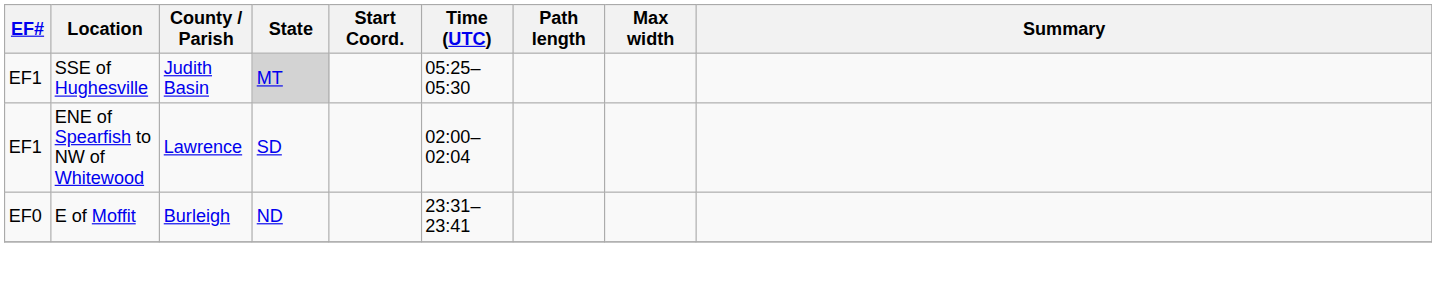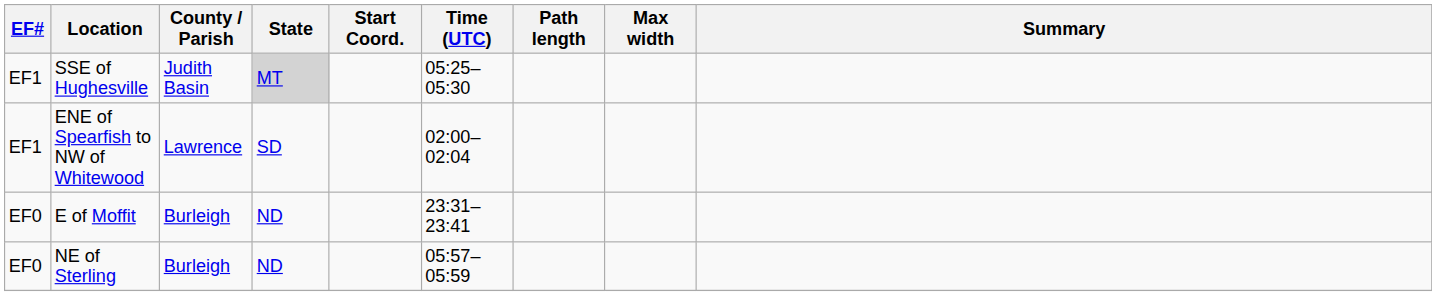 <table class="wikitable sortable" style="width:100%;">
 <tr>
 <th scope="col"  style="width:3%; text-align:center;"><a href='#'>EF#</a></th>
 <th scope="col"  style="width:7%; text-align:center;" class="unsortable">Location</th>
 <th scope="col"  style="width:6%; text-align:center;" class="unsortable">County / Parish</th>
 <th scope="col"  style="width:5%; text-align:center;">State</th>
 <th scope="col"  style="width:6%; text-align:center;">Start Coord.</th>
 <th scope="col"  style="width:6%; text-align:center;">Time (<a href='#'>UTC</a>)</th>
 <th scope="col"  style="width:6%; text-align:center;">Path length</th>
 <th scope="col"  style="width:6%; text-align:center;">Max width</th>
 <th scope="col" class="unsortable" style="width:48%; text-align:center;">Summary</th>
 </tr>
 <tr>
 <td>EF1</td>
 <td>SSE of <a href='#'>Hughesville</a></td>
 <td><a href='#'>Judith Basin</a></td>
 <td style="background: lightgrey;"><a href='#'>MT</a></td>
 <td></td>
 <td>05:25–05:30</td>
 <td></td>
 <td></td>
 <td></td>
 </tr>
 <tr>
 <td>EF1</td>
 <td>ENE of <a href='#'>Spearfish</a> to NW of <a href='#'>Whitewood</a></td>
 <td><a href='#'>Lawrence</a></td>
 <td><a href='#'>SD</a></td>
 <td></td>
 <td>02:00–02:04</td>
 <td></td>
 <td></td>
 <td></td>
 </tr>
 <tr>
 <td>EF0</td>
 <td>E of <a href='#'>Moffit</a></td>
 <td><a href='#'>Burleigh</a></td>
 <td><a href='#'>ND</a></td>
 <td></td>
 <td>23:31–23:41</td>
 <td></td>
 <td></td>
 <td></td>
 </tr>
 <tr>
+<td>EF0</td>
+<td>NE of <a href='#'>Sterling</a></td>
+<td><a href='#'>Burleigh</a></td>
+<td><a href='#'>ND</a></td>
+<td></td>
+<td>05:57–05:59</td>
+<td></td>
+<td></td>
+<td></td>
+</tr>
+<tr>
 </tr>
 </table>
